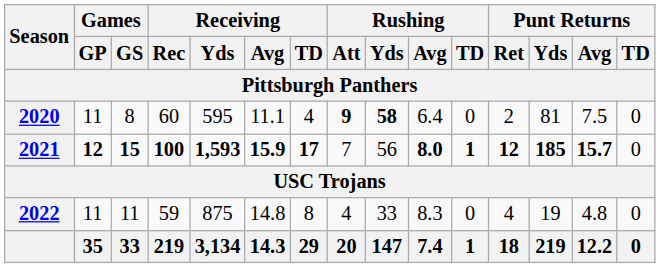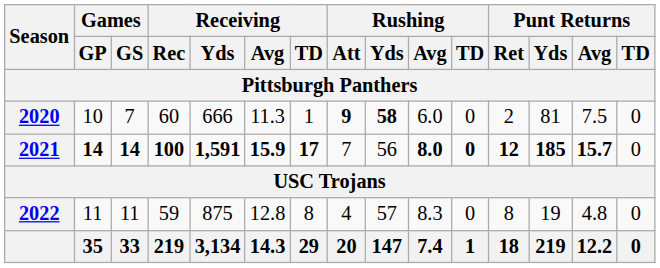 <table class="wikitable" style="text-align:center;">
 <tr>
 <th rowspan="2">Season</th>
 <th colspan="2">Games</th>
 <th colspan="4">Receiving</th>
 <th colspan="4">Rushing</th>
 <th colspan="4">Punt Returns</th>
 </tr>
 <tr>
 <th>GP</th>
 <th>GS</th>
 <th>Rec</th>
 <th>Yds</th>
 <th>Avg</th>
 <th>TD</th>
 <th>Att</th>
 <th>Yds</th>
 <th>Avg</th>
 <th>TD</th>
 <th>Ret</th>
 <th>Yds</th>
 <th>Avg</th>
 <th>TD</th>
 </tr>
 <tr>
 <th colspan="15">Pittsburgh Panthers</th>
 </tr>
 <tr>
 <th><a href='#'>2020</a></th>
-<td>11</td>
-<td>8</td>
+<td>10</td>
+<td>7</td>
 <td>60</td>
-<td>595</td>
-<td>11.1</td>
-<td>4</td>
+<td>666</td>
+<td>11.3</td>
+<td>1</td>
 <td><strong>9</strong></td>
 <td><strong>58</strong></td>
-<td>6.4</td>
+<td>6.0</td>
 <td>0</td>
 <td>2</td>
 <td>81</td>
 <td>7.5</td>
 <td>0</td>
 </tr>
 <tr>
 <th><a href='#'>2021</a></th>
-<td><strong>12</strong></td>
-<td><strong>15</strong></td>
+<td><strong>14</strong></td>
+<td><strong>14</strong></td>
 <td><strong>100</strong></td>
-<td><strong>1,593</strong></td>
+<td><strong>1,591</strong></td>
 <td><strong>15.9</strong></td>
 <td><strong>17</strong></td>
 <td>7</td>
 <td>56</td>
 <td><strong>8.0</strong></td>
-<td><strong>1</strong></td>
+<td><strong>0</strong></td>
 <td><strong>12</strong></td>
 <td><strong>185</strong></td>
 <td><strong>15.7</strong></td>
 <td>0</td>
 </tr>
 <tr>
 <th colspan="15">USC Trojans</th>
 </tr>
 <tr>
 <th><a href='#'>2022</a></th>
 <td>11</td>
 <td>11</td>
 <td>59</td>
 <td>875</td>
-<td>14.8</td>
+<td>12.8</td>
 <td>8</td>
 <td>4</td>
-<td>33</td>
+<td>57</td>
 <td>8.3</td>
 <td>0</td>
-<td>4</td>
+<td>8</td>
 <td>19</td>
 <td>4.8</td>
 <td>0</td>
 </tr>
 <tr>
 <th></th>
 <th>35</th>
 <th>33</th>
 <th>219</th>
 <th>3,134</th>
 <th>14.3</th>
 <th>29</th>
 <th>20</th>
 <th>147</th>
 <th>7.4</th>
 <th>1</th>
 <th>18</th>
 <th>219</th>
 <th>12.2</th>
 <th>0</th>
 </tr>
 </table>
